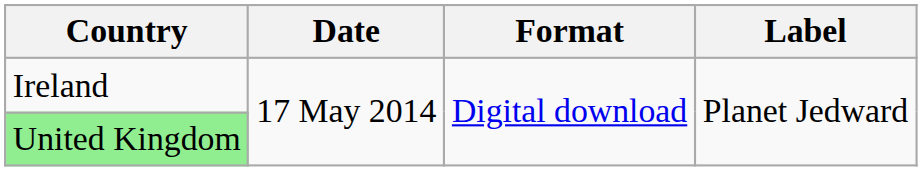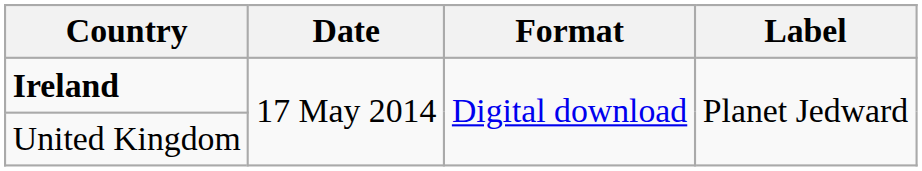 <table class="wikitable sortable plainrowheaders">
 <tr>
 <th>Country</th>
 <th>Date</th>
 <th>Format</th>
 <th>Label</th>
 </tr>
 <tr>
-<td>Ireland</td>
+<td><strong>Ireland</strong></td>
 <td rowspan="2">17 May 2014</td>
 <td rowspan="2"><a href='#'>Digital download</a></td>
 <td rowspan="2">Planet Jedward</td>
 </tr>
 <tr>
-<td style="background: lightgreen;">United Kingdom</td>
+<td>United Kingdom</td>
 </tr>
 </table>
